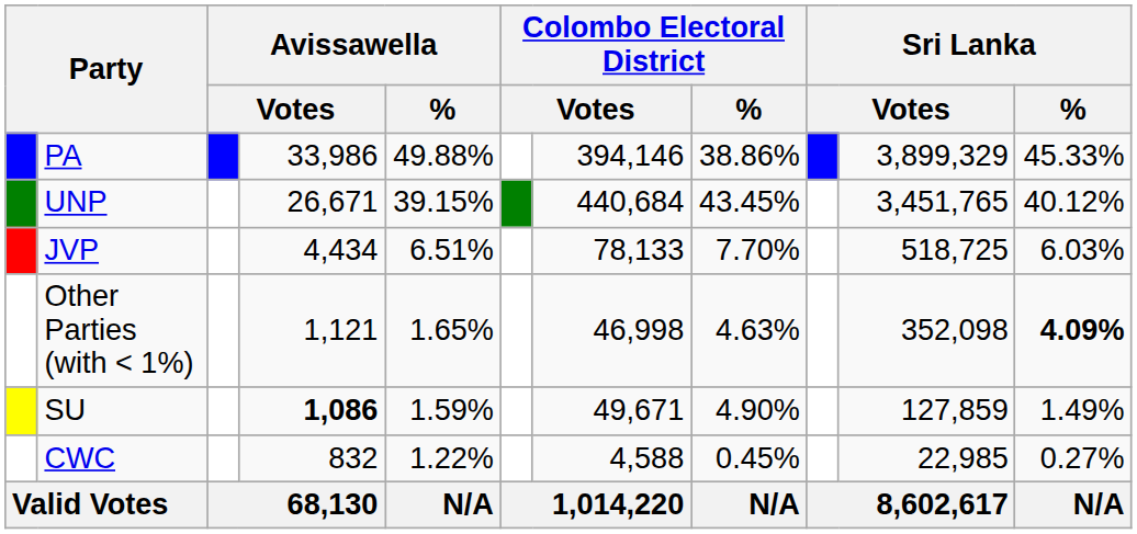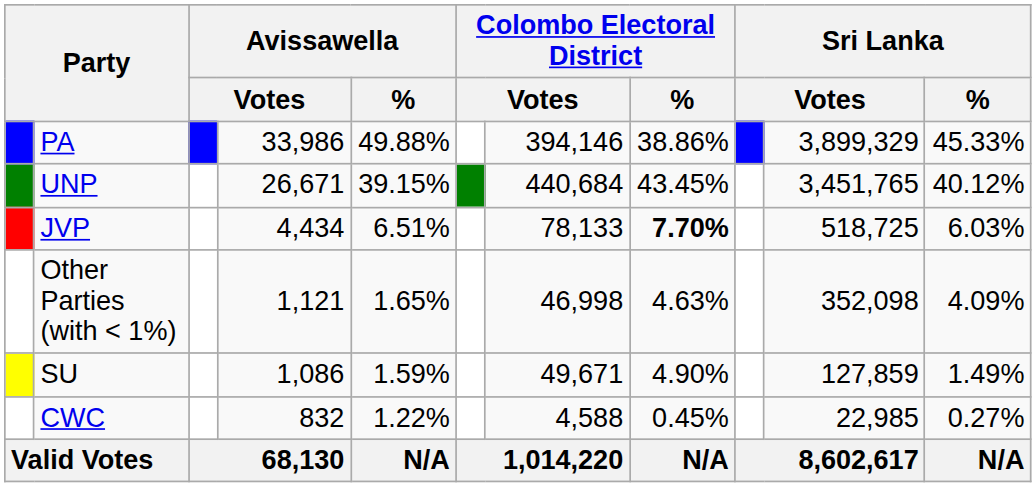 <table class="wikitable">
 <tr>
 <th colspan="2" width="144px"rowspan="2">Party</th>
 <th colspan="3" width="216px">Avissawella</th>
 <th colspan="3" width="216px"><a href='#'>Colombo Electoral District</a></th>
 <th colspan="3" width="216px">Sri Lanka</th>
 </tr>
 <tr>
 <th colspan="2" width="144px">Votes</th>
 <th>%</th>
 <th colspan="2" width="144px">Votes</th>
 <th>%</th>
 <th colspan="2" width="144px">Votes</th>
 <th>%</th>
 </tr>
 <tr>
 <td style="background-color:blue;" width="10px"></td>
 <td style="text-align:left;"><a href='#'>PA</a></td>
 <td style="background-color:blue;" width="10px"></td>
 <td style="text-align:right;">33,986</td>
 <td style="text-align:right;">49.88%</td>
 <td style="background-color:white;" width="10px"></td>
 <td style="text-align:right;">394,146</td>
 <td style="text-align:right;">38.86%</td>
 <td style="background-color:blue;" width="10px"></td>
 <td style="text-align:right;">3,899,329</td>
 <td style="text-align:right;">45.33%</td>
 </tr>
 <tr>
 <td style="background-color:green;" width="10px"></td>
 <td style="text-align:left;"><a href='#'>UNP</a></td>
 <td style="background-color:white;" width="10px"></td>
 <td style="text-align:right;">26,671</td>
 <td style="text-align:right;">39.15%</td>
 <td style="background-color:green;" width="10px"></td>
 <td style="text-align:right;">440,684</td>
 <td style="text-align:right;">43.45%</td>
 <td style="background-color:white;" width="10px"></td>
 <td style="text-align:right;">3,451,765</td>
 <td style="text-align:right;">40.12%</td>
 </tr>
 <tr>
 <td style="background-color:red;" width="10px"></td>
 <td style="text-align:left;"><a href='#'>JVP</a></td>
 <td style="background-color:white;" width="10px"></td>
 <td style="text-align:right;">4,434</td>
 <td style="text-align:right;">6.51%</td>
 <td style="background-color:white;" width="10px"></td>
 <td style="text-align:right;">78,133</td>
-<td style="text-align:right;">7.70%</td>
+<td style="text-align:right;"><strong>7.70%</strong></td>
 <td style="background-color:white;" width="10px"></td>
 <td style="text-align:right;">518,725</td>
 <td style="text-align:right;">6.03%</td>
 </tr>
 <tr>
 <td style="background-color:white;" width="10px"></td>
 <td style="text-align:left;">Other Parties (with < 1%)</td>
 <td style="background-color:white;" width="10px"></td>
 <td style="text-align:right;">1,121</td>
 <td style="text-align:right;">1.65%</td>
 <td style="background-color:white;" width="10px"></td>
 <td style="text-align:right;">46,998</td>
 <td style="text-align:right;">4.63%</td>
 <td style="background-color:white;" width="10px"></td>
 <td style="text-align:right;">352,098</td>
-<td style="text-align:right;"><strong>4.09%</strong></td>
+<td style="text-align:right;">4.09%</td>
 </tr>
 <tr>
 <td style="background-color:yellow;" width="10px"></td>
 <td style="text-align:left;">SU</td>
 <td style="background-color:white;" width="10px"></td>
-<td style="text-align:right;"><strong>1,086</strong></td>
+<td style="text-align:right;">1,086</td>
 <td style="text-align:right;">1.59%</td>
 <td style="background-color:white;" width="10px"></td>
 <td style="text-align:right;">49,671</td>
 <td style="text-align:right;">4.90%</td>
 <td style="background-color:white;" width="10px"></td>
 <td style="text-align:right;">127,859</td>
 <td style="text-align:right;">1.49%</td>
 </tr>
 <tr>
 <td style="background-color:white;" width="10px"></td>
 <td style="text-align:left;"><a href='#'>CWC</a></td>
 <td style="background-color:white;" width="10px"></td>
 <td style="text-align:right;">832</td>
 <td style="text-align:right;">1.22%</td>
 <td style="background-color:white;" width="10px"></td>
 <td style="text-align:right;">4,588</td>
 <td style="text-align:right;">0.45%</td>
 <td style="background-color:white;" width="10px"></td>
 <td style="text-align:right;">22,985</td>
 <td style="text-align:right;">0.27%</td>
 </tr>
 <tr>
 <th colspan="2" width="144px"style="text-align:left;">Valid Votes</th>
 <th style="text-align:right;"colspan="2" width="144px">68,130</th>
 <th style="text-align:right;">N/A</th>
 <th style="text-align:right;"colspan="2" width="144px">1,014,220</th>
 <th style="text-align:right;">N/A</th>
 <th style="text-align:right;"colspan="2" width="144px">8,602,617</th>
 <th style="text-align:right;">N/A</th>
 </tr>
 </table>
